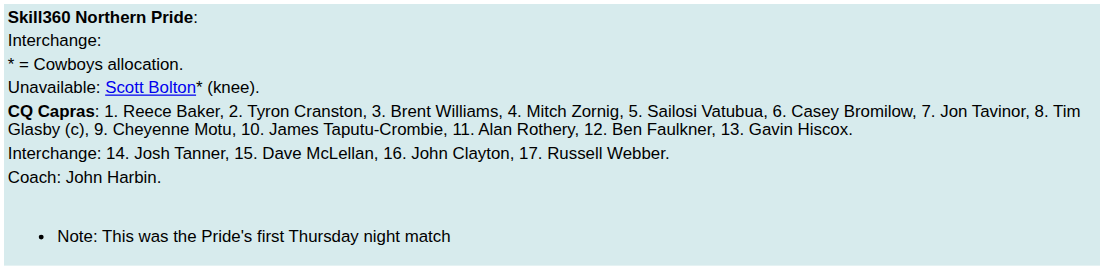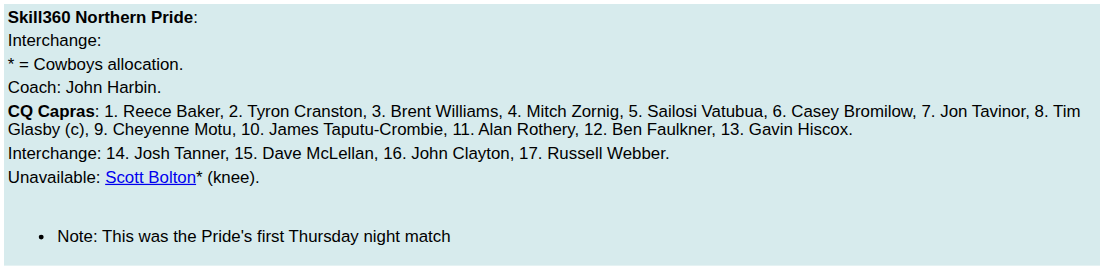 <table style="background:#d7ebed; font-size:85%; width:100%;">
 <tr>
 <td><strong>Skill360 Northern Pride</strong>:             </td>
 </tr>
 <tr>
 <td>Interchange:    </td>
 </tr>
 <tr>
 <td>* = Cowboys allocation.</td>
 </tr>
 <tr>
-<td>Unavailable: <a href='#'>Scott Bolton</a>* (knee).</td>
+<td>Coach: John Harbin.</td>
 </tr>
 <tr>
 <td><strong>CQ Capras</strong>: 1. Reece Baker, 2. Tyron Cranston, 3. Brent Williams, 4. Mitch Zornig, 5. Sailosi Vatubua, 6. Casey Bromilow, 7. Jon Tavinor, 8. Tim Glasby (c), 9. Cheyenne Motu, 10. James Taputu-Crombie, 11. Alan Rothery, 12. Ben Faulkner, 13. Gavin Hiscox.</td>
 </tr>
 <tr>
 <td>Interchange: 14. Josh Tanner, 15. Dave McLellan, 16. John Clayton, 17. Russell Webber.</td>
 </tr>
 <tr>
-<td>Coach: John Harbin.</td>
+<td>Unavailable: <a href='#'>Scott Bolton</a>* (knee).</td>
 </tr>
 <tr>
 <td><br><ul><li>Note: This was the Pride's first Thursday night match</li></ul></td>
 </tr>
 </table>
